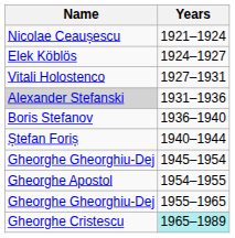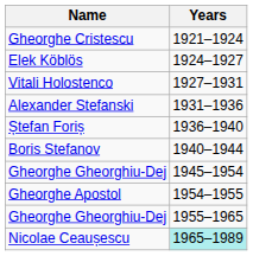 <table class=wikitable>
 <tr>
 <th>Name</th>
 <th>Years</th>
 </tr>
 <tr>
-<td><a href='#'>Nicolae Ceaușescu</a></td>
+<td><a href='#'>Gheorghe Cristescu</a></td>
 <td>1921–1924</td>
 </tr>
 <tr>
 <td><a href='#'>Elek Köblös</a></td>
 <td>1924–1927</td>
 </tr>
 <tr>
 <td><a href='#'>Vitali Holostenco</a></td>
 <td>1927–1931</td>
 </tr>
 <tr>
-<td style="background: lightgrey;"><a href='#'>Alexander Stefanski</a></td>
+<td><a href='#'>Alexander Stefanski</a></td>
 <td>1931–1936</td>
 </tr>
 <tr>
-<td><a href='#'>Boris Stefanov</a></td>
+<td><a href='#'>Ștefan Foriș</a></td>
 <td>1936–1940</td>
 </tr>
 <tr>
-<td><a href='#'>Ștefan Foriș</a></td>
+<td><a href='#'>Boris Stefanov</a></td>
 <td>1940–1944</td>
 </tr>
 <tr>
 <td><a href='#'>Gheorghe Gheorghiu-Dej</a></td>
 <td>1945–1954</td>
 </tr>
 <tr>
 <td><a href='#'>Gheorghe Apostol</a></td>
 <td>1954–1955</td>
 </tr>
 <tr>
 <td><a href='#'>Gheorghe Gheorghiu-Dej</a></td>
 <td>1955–1965</td>
 </tr>
 <tr>
-<td><a href='#'>Gheorghe Cristescu</a></td>
+<td><a href='#'>Nicolae Ceaușescu</a></td>
 <td style="background: paleturquoise;">1965–1989</td>
 </tr>
 </table>
